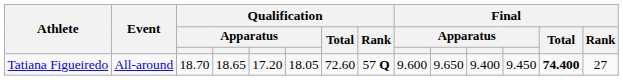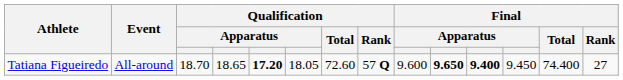 <table class="wikitable" style="font-size:90%">
 <tr>
 <th rowspan="3">Athlete</th>
 <th rowspan="3">Event</th>
 <th colspan =6>Qualification</th>
 <th colspan =6>Final</th>
 </tr>
 <tr style="font-size:95%">
 <th colspan=4>Apparatus</th>
 <th rowspan=2>Total</th>
 <th rowspan=2>Rank</th>
 <th colspan=4>Apparatus</th>
 <th rowspan=2>Total</th>
 <th rowspan=2>Rank</th>
 </tr>
 <tr style="font-size:95%">
 <th></th>
 <th></th>
 <th></th>
 <th></th>
 <th></th>
 <th></th>
 <th></th>
 <th></th>
 </tr>
 <tr align=center>
 <td align=left><a href='#'>Tatiana Figueiredo</a></td>
 <td align=left><a href='#'>All-around</a></td>
 <td>18.70</td>
 <td>18.65</td>
-<td>17.20</td>
+<td><strong>17.20</strong></td>
 <td>18.05</td>
 <td>72.60</td>
 <td>57 <strong>Q</strong></td>
 <td>9.600</td>
-<td>9.650</td>
-<td>9.400</td>
+<td><strong>9.650</strong></td>
+<td><strong>9.400</strong></td>
 <td>9.450</td>
-<td><strong>74.400</strong></td>
+<td>74.400</td>
 <td>27</td>
 </tr>
 </table>
